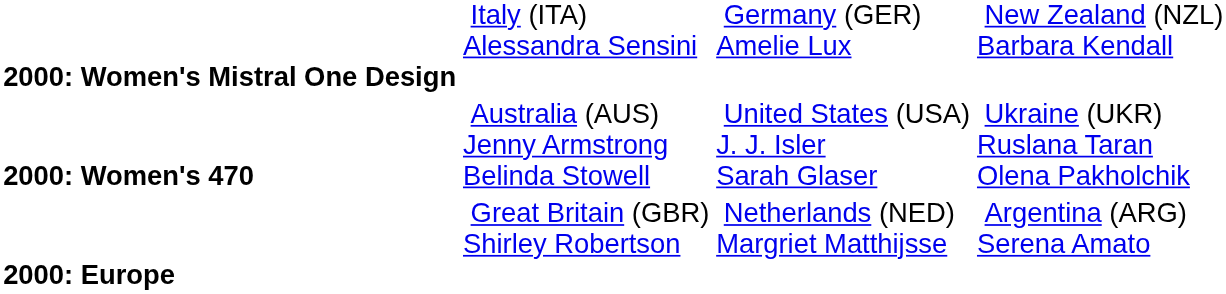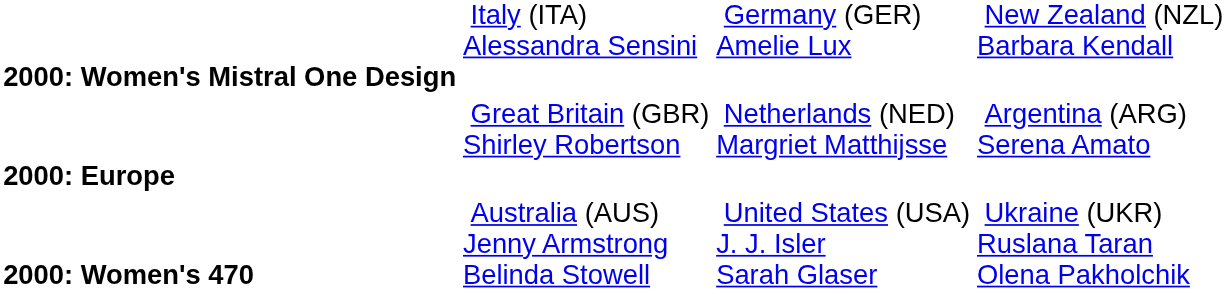 <table>
 <tr>
 <td style="align:center;"><br><br><strong>2000: Women's Mistral One Design</strong> <br></td>
 <td style="vertical-align:top;"> <a href='#'>Italy</a> <span>(ITA)</span><br><a href='#'>Alessandra Sensini</a></td>
 <td style="vertical-align:top;"> <a href='#'>Germany</a> <span>(GER)</span><br><a href='#'>Amelie Lux</a></td>
 <td style="vertical-align:top;"> <a href='#'>New Zealand</a> <span>(NZL)</span><br><a href='#'>Barbara Kendall</a></td>
 </tr>
 <tr>
+<td style="align:center;"><br><br><strong>2000: Europe</strong> <br></td>
+<td style="vertical-align:top;"> <a href='#'>Great Britain</a> <span>(GBR)</span><br><a href='#'>Shirley Robertson</a></td>
+<td style="vertical-align:top;"> <a href='#'>Netherlands</a> <span>(NED)</span><br><a href='#'>Margriet Matthijsse</a></td>
+<td style="vertical-align:top;"> <a href='#'>Argentina</a> <span>(ARG)</span><br><a href='#'>Serena Amato</a></td>
+</tr>
+<tr>
 <td style="align:center;"><br><br><strong>2000: Women's 470</strong> <br></td>
 <td style="vertical-align:top;"> <a href='#'>Australia</a> <span>(AUS)</span><br><a href='#'>Jenny Armstrong</a><br><a href='#'>Belinda Stowell</a></td>
 <td style="vertical-align:top;"> <a href='#'>United States</a> <span>(USA)</span><br><a href='#'>J. J. Isler</a><br><a href='#'>Sarah Glaser</a></td>
 <td style="vertical-align:top;"> <a href='#'>Ukraine</a> <span>(UKR)</span><br><a href='#'>Ruslana Taran</a><br><a href='#'>Olena Pakholchik</a></td>
 </tr>
-<tr>
-<td style="align:center;"><br><br><strong>2000: Europe</strong> <br></td>
-<td style="vertical-align:top;"> <a href='#'>Great Britain</a> <span>(GBR)</span><br><a href='#'>Shirley Robertson</a></td>
-<td style="vertical-align:top;"> <a href='#'>Netherlands</a> <span>(NED)</span><br><a href='#'>Margriet Matthijsse</a></td>
-<td style="vertical-align:top;"> <a href='#'>Argentina</a> <span>(ARG)</span><br><a href='#'>Serena Amato</a></td>
-</tr>
 </table>
